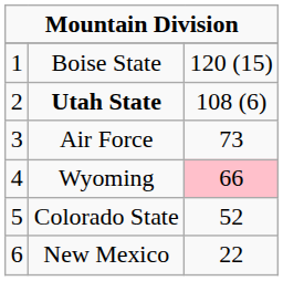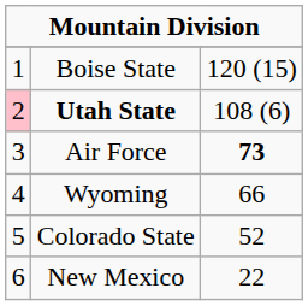 <table class="wikitable">
 <tr align="center">
 <td align="center" Colspan="3"><strong>Mountain Division</strong></td>
 </tr>
 <tr align="center">
 </tr>
 <tr align="center">
 <td>1</td>
 <td>Boise State</td>
 <td>120 (15)</td>
 </tr>
 <tr align="center">
-<td>2</td>
+<td style="background: pink;">2</td>
 <td><strong>Utah State</strong></td>
 <td>108 (6)</td>
 </tr>
 <tr align="center">
 <td>3</td>
 <td>Air Force</td>
-<td>73</td>
+<td><strong>73</strong></td>
 </tr>
 <tr align="center">
 <td>4</td>
 <td>Wyoming</td>
-<td style="background: pink;">66</td>
+<td>66</td>
 </tr>
 <tr align="center">
 <td>5</td>
 <td>Colorado State</td>
 <td>52</td>
 </tr>
 <tr align="center">
 <td>6</td>
 <td>New Mexico</td>
 <td>22</td>
 </tr>
 </table>
